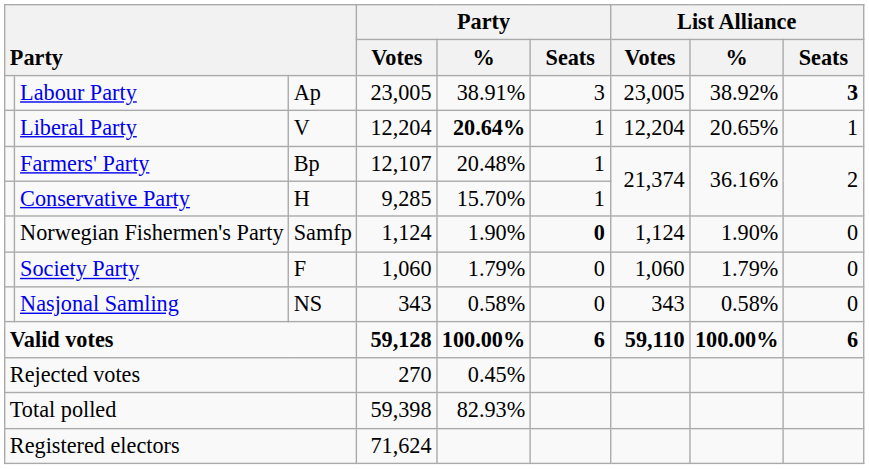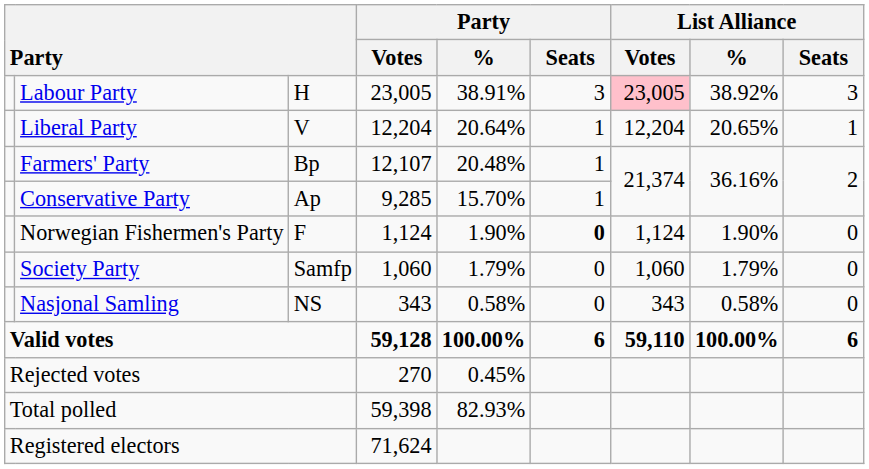 <table class="wikitable" border="1" style="text-align:right;">
 <tr>
 <th style="text-align:left;" valign=bottom rowspan=2 colspan=3>Party</th>
 <th colspan=3>Party</th>
 <th colspan=3>List Alliance</th>
 </tr>
 <tr>
 <th align=center valign=bottom width="50">Votes</th>
 <th align=center valign=bottom width="50">%</th>
 <th align=center valign=bottom width="50">Seats</th>
 <th align=center valign=bottom width="50">Votes</th>
 <th align=center valign=bottom width="50">%</th>
 <th align=center valign=bottom width="50">Seats</th>
 </tr>
 <tr>
 <td style="color:inherit;background:"></td>
 <td align=left><a href='#'>Labour Party</a></td>
-<td align=left>Ap</td>
+<td align=left>H</td>
 <td>23,005</td>
 <td>38.91%</td>
 <td>3</td>
-<td>23,005</td>
+<td style="background: pink;">23,005</td>
 <td>38.92%</td>
-<td><strong>3</strong></td>
+<td>3</td>
 </tr>
 <tr>
 <td style="color:inherit;background:"></td>
 <td align=left><a href='#'>Liberal Party</a></td>
 <td align=left>V</td>
 <td>12,204</td>
-<td><strong>20.64%</strong></td>
+<td>20.64%</td>
 <td>1</td>
 <td>12,204</td>
 <td>20.65%</td>
 <td>1</td>
 </tr>
 <tr>
 <td style="color:inherit;background:"></td>
 <td align=left><a href='#'>Farmers' Party</a></td>
 <td align=left>Bp</td>
 <td>12,107</td>
 <td>20.48%</td>
 <td>1</td>
 <td rowspan=2>21,374</td>
 <td rowspan=2>36.16%</td>
 <td rowspan=2>2</td>
 </tr>
 <tr>
 <td style="color:inherit;background:"></td>
 <td align=left><a href='#'>Conservative Party</a></td>
-<td align=left>H</td>
+<td align=left>Ap</td>
 <td>9,285</td>
 <td>15.70%</td>
 <td>1</td>
 </tr>
 <tr>
 <td></td>
 <td align=left>Norwegian Fishermen's Party</td>
-<td align=left>Samfp</td>
+<td align=left>F</td>
 <td>1,124</td>
 <td>1.90%</td>
 <td><strong>0</strong></td>
 <td>1,124</td>
 <td>1.90%</td>
 <td>0</td>
 </tr>
 <tr>
 <td></td>
 <td align=left><a href='#'>Society Party</a></td>
-<td align=left>F</td>
+<td align=left>Samfp</td>
 <td>1,060</td>
 <td>1.79%</td>
 <td>0</td>
 <td>1,060</td>
 <td>1.79%</td>
 <td>0</td>
 </tr>
 <tr>
 <td style="color:inherit;background:"></td>
 <td align=left><a href='#'>Nasjonal Samling</a></td>
 <td align=left>NS</td>
 <td>343</td>
 <td>0.58%</td>
 <td>0</td>
 <td>343</td>
 <td>0.58%</td>
 <td>0</td>
 </tr>
 <tr style="font-weight:bold">
 <td align=left colspan=3>Valid votes</td>
 <td>59,128</td>
 <td>100.00%</td>
 <td>6</td>
 <td>59,110</td>
 <td>100.00%</td>
 <td>6</td>
 </tr>
 <tr>
 <td align=left colspan=3>Rejected votes</td>
 <td>270</td>
 <td>0.45%</td>
 <td></td>
 <td></td>
 <td></td>
 <td></td>
 </tr>
 <tr>
 <td align=left colspan=3>Total polled</td>
 <td>59,398</td>
 <td>82.93%</td>
 <td></td>
 <td></td>
 <td></td>
 <td></td>
 </tr>
 <tr>
 <td align=left colspan=3>Registered electors</td>
 <td>71,624</td>
 <td></td>
 <td></td>
 <td></td>
 <td></td>
 <td></td>
 </tr>
 </table>
